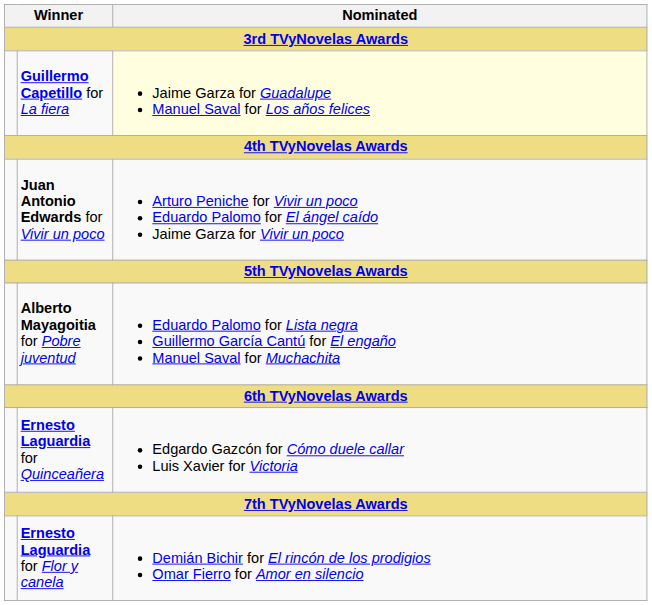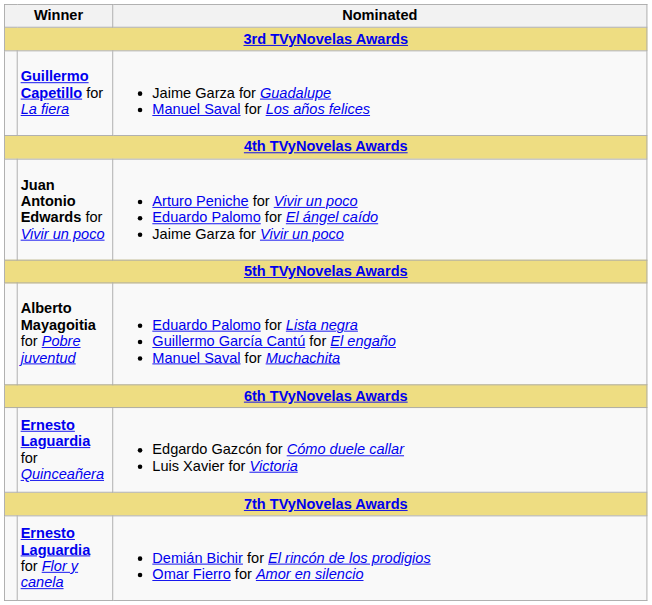 <table class="wikitable" width=80%>
 <tr align=center>
 <th width="150px;" colspan=2; align="center">Winner</th>
 <th width="580px;" align="center">Nominated</th>
 </tr>
 <tr>
 <th colspan=9 style="background:#EEDD82;"  align="center"><strong><a href='#'>3rd TVyNovelas Awards</a></strong></th>
 </tr>
 <tr>
 <td width=2%></td>
 <td><strong><a href='#'>Guillermo Capetillo</a></strong> for <em><a href='#'>La fiera</a></em></td>
-<td style="background: lightyellow;"><br><ul><li>Jaime Garza for <em><a href='#'>Guadalupe</a></em></li><li><a href='#'>Manuel Saval</a> for <em><a href='#'>Los años felices</a></em></li></ul></td>
+<td><br><ul><li>Jaime Garza for <em><a href='#'>Guadalupe</a></em></li><li><a href='#'>Manuel Saval</a> for <em><a href='#'>Los años felices</a></em></li></ul></td>
 </tr>
 <tr>
 <th colspan=9 style="background:#EEDD82;"  align="center"><strong><a href='#'>4th TVyNovelas Awards</a></strong></th>
 </tr>
 <tr>
 <td width=2%></td>
 <td><strong>Juan Antonio Edwards</strong> for <em><a href='#'>Vivir un poco</a></em></td>
 <td><br><ul><li><a href='#'>Arturo Peniche</a> for <em><a href='#'>Vivir un poco</a></em></li><li><a href='#'>Eduardo Palomo</a> for <em><a href='#'>El ángel caído</a></em></li><li>Jaime Garza for <em><a href='#'>Vivir un poco</a></em></li></ul></td>
 </tr>
 <tr>
 <th colspan=9 style="background:#EEDD82;"  align="center"><strong><a href='#'>5th TVyNovelas Awards</a></strong></th>
 </tr>
 <tr>
 <td width=2%></td>
 <td><strong>Alberto Mayagoitia</strong> for <em><a href='#'>Pobre juventud</a></em></td>
 <td><br><ul><li><a href='#'>Eduardo Palomo</a> for <em><a href='#'>Lista negra</a></em></li><li><a href='#'>Guillermo García Cantú</a> for <em><a href='#'>El engaño</a></em></li><li><a href='#'>Manuel Saval</a> for <em><a href='#'>Muchachita</a></em></li></ul></td>
 </tr>
 <tr>
 <th colspan=9 style="background:#EEDD82;"  align="center"><strong><a href='#'>6th TVyNovelas Awards</a></strong></th>
 </tr>
 <tr>
 <td width=2%></td>
 <td><strong><a href='#'>Ernesto Laguardia</a></strong> for <em><a href='#'>Quinceañera</a></em></td>
 <td><br><ul><li>Edgardo Gazcón for <em><a href='#'>Cómo duele callar</a></em></li><li>Luis Xavier for <em><a href='#'>Victoria</a></em></li></ul></td>
 </tr>
 <tr>
 <th colspan=9 style="background:#EEDD82;"  align="center"><strong><a href='#'>7th TVyNovelas Awards</a></strong></th>
 </tr>
 <tr>
 <td width=2%></td>
 <td><strong><a href='#'>Ernesto Laguardia</a></strong> for <em><a href='#'>Flor y canela</a></em></td>
 <td><br><ul><li><a href='#'>Demián Bichir</a> for <em><a href='#'>El rincón de los prodigios</a></em></li><li><a href='#'>Omar Fierro</a> for <em><a href='#'>Amor en silencio</a></em></li></ul></td>
 </tr>
 </table>
